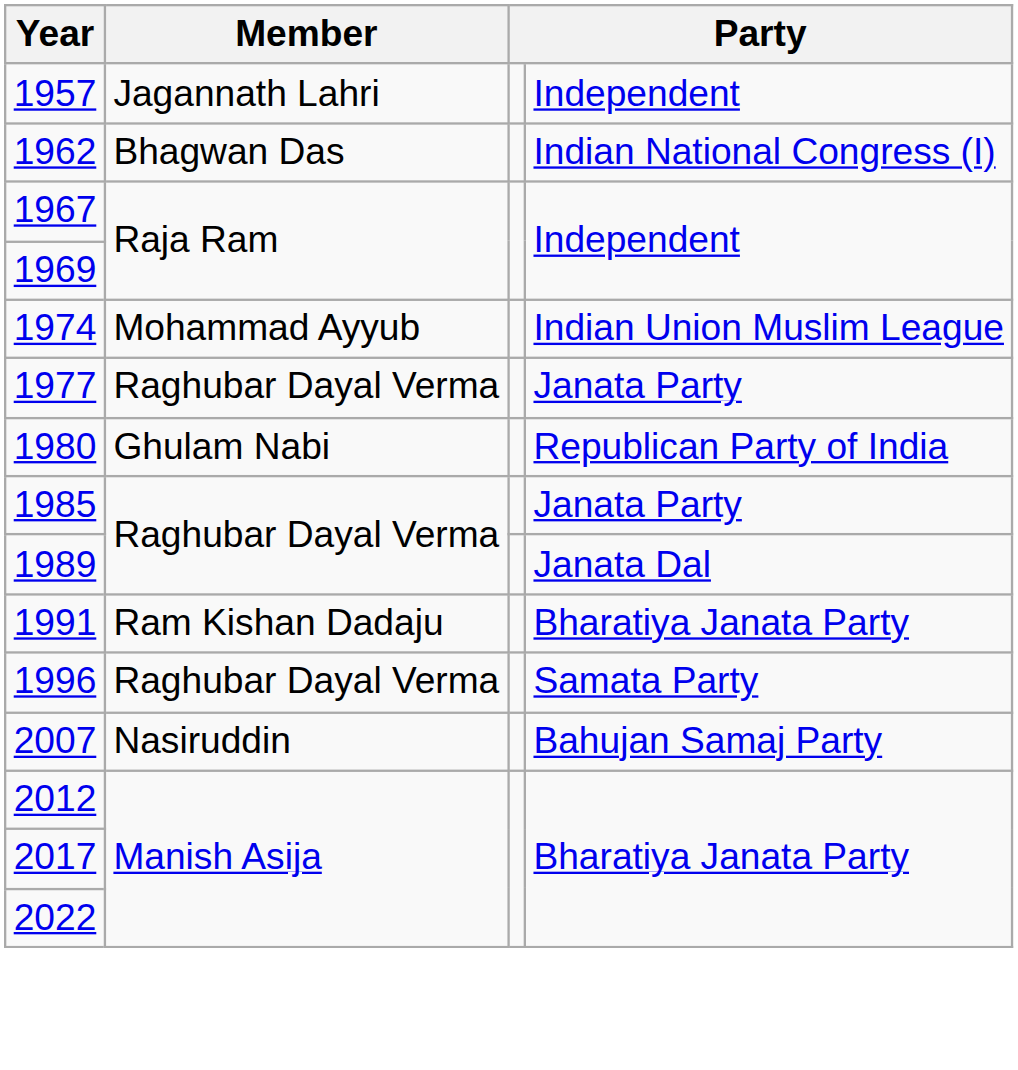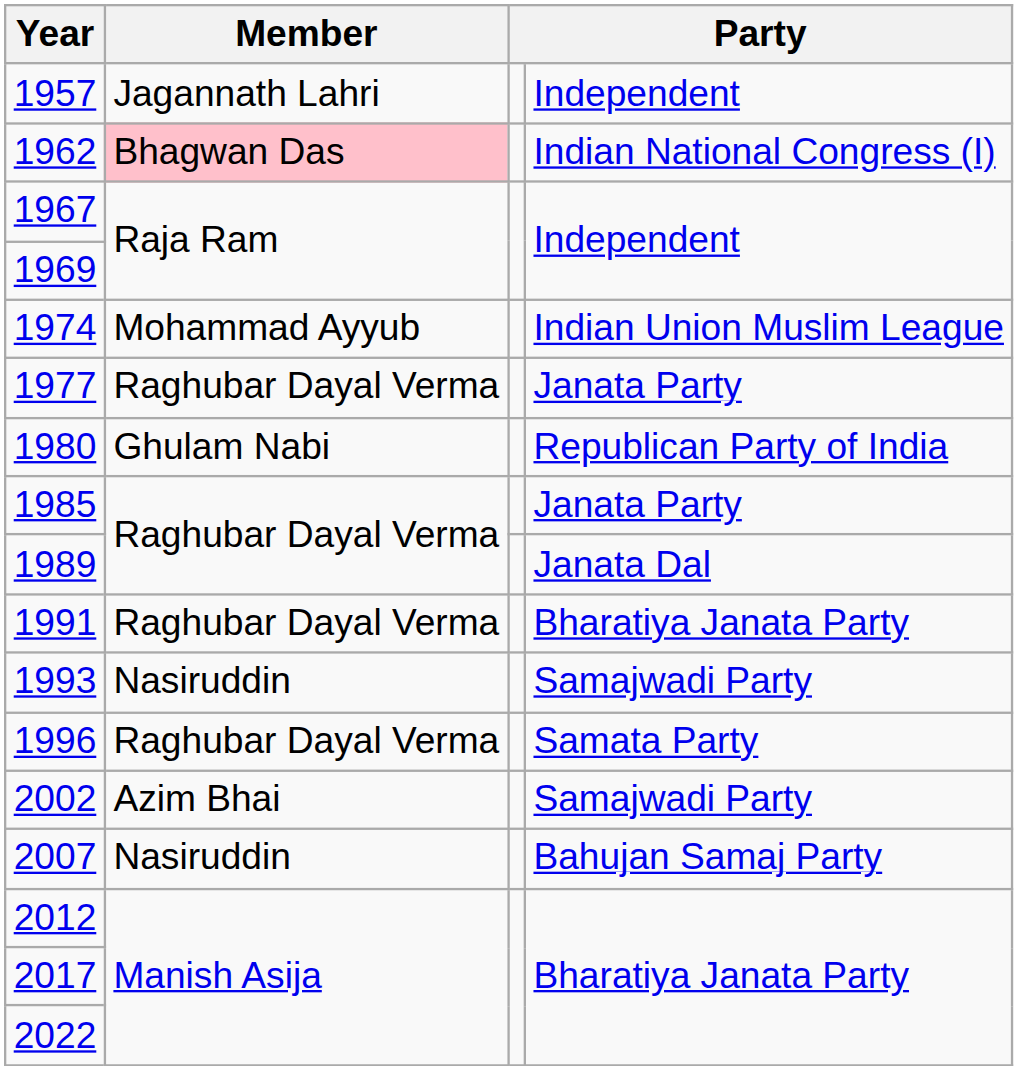 <table class="wikitable">
 <tr>
 <th>Year</th>
 <th>Member</th>
 <th colspan="2">Party</th>
 </tr>
 <tr>
 <td><a href='#'>1957</a></td>
 <td>Jagannath Lahri</td>
 <td style="background-color: "></td>
 <td><a href='#'>Independent</a></td>
 </tr>
 <tr>
 <td><a href='#'>1962</a></td>
-<td>Bhagwan Das</td>
+<td style="background: pink;">Bhagwan Das</td>
 <td style="background-color: "></td>
 <td><a href='#'>Indian National Congress (I)</a></td>
 </tr>
 <tr>
 <td><a href='#'>1967</a></td>
 <td rowspan="2">Raja Ram</td>
 <td rowspan="2" style="background-color: "></td>
 <td rowspan="2"><a href='#'>Independent</a></td>
 </tr>
 <tr>
 <td><a href='#'>1969</a></td>
 </tr>
 <tr>
 <td><a href='#'>1974</a></td>
 <td>Mohammad Ayyub</td>
 <td style="background-color: "></td>
 <td><a href='#'>Indian Union Muslim League</a></td>
 </tr>
 <tr>
 <td><a href='#'>1977</a></td>
 <td>Raghubar Dayal Verma</td>
 <td style="background-color: "></td>
 <td><a href='#'>Janata Party</a></td>
 </tr>
 <tr>
 <td><a href='#'>1980</a></td>
 <td>Ghulam Nabi</td>
 <td style="background-color: "></td>
 <td><a href='#'>Republican Party of India</a></td>
 </tr>
 <tr>
 <td><a href='#'>1985</a></td>
 <td rowspan="2">Raghubar Dayal Verma</td>
 <td style="background-color: "></td>
 <td><a href='#'>Janata Party</a></td>
 </tr>
 <tr>
 <td><a href='#'>1989</a></td>
 <td style="background-color: "></td>
 <td><a href='#'>Janata Dal</a></td>
 </tr>
 <tr>
 <td><a href='#'>1991</a></td>
-<td>Ram Kishan Dadaju</td>
+<td>Raghubar Dayal Verma</td>
 <td style="background-color: "></td>
 <td><a href='#'>Bharatiya Janata Party</a></td>
+</tr>
+<tr>
+<td><a href='#'>1993</a></td>
+<td>Nasiruddin</td>
+<td style="background-color: "></td>
+<td><a href='#'>Samajwadi Party</a></td>
 </tr>
 <tr>
 <td><a href='#'>1996</a></td>
 <td>Raghubar Dayal Verma</td>
 <td style="background-color: "></td>
 <td><a href='#'>Samata Party</a></td>
+</tr>
+<tr>
+<td><a href='#'>2002</a></td>
+<td>Azim Bhai</td>
+<td style="background-color: "></td>
+<td><a href='#'>Samajwadi Party</a></td>
 </tr>
 <tr>
 <td><a href='#'>2007</a></td>
 <td>Nasiruddin</td>
 <td style="background-color: "></td>
 <td><a href='#'>Bahujan Samaj Party</a></td>
 </tr>
 <tr>
 <td><a href='#'>2012</a></td>
 <td rowspan="3"><a href='#'>Manish Asija</a></td>
 <td rowspan="3" style="background-color: "></td>
 <td rowspan="3"><a href='#'>Bharatiya Janata Party</a></td>
 </tr>
 <tr>
 <td><a href='#'>2017</a></td>
 </tr>
 <tr>
 <td><a href='#'>2022</a></td>
 </tr>
 </table>
